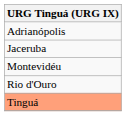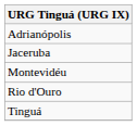 <table class="wikitable" style="margin-bottom: 10px;" border="1">
 <tr>
 <th>URG Tinguá (URG IX)</th>
 </tr>
 <tr>
 <td>Adrianópolis</td>
 </tr>
 <tr>
 <td>Jaceruba</td>
 </tr>
 <tr>
 <td>Montevidéu</td>
 </tr>
 <tr>
 <td>Rio d'Ouro</td>
 </tr>
 <tr>
-<td style="background: lightsalmon;">Tinguá</td>
+<td>Tinguá</td>
 </tr>
 <tr>
 </tr>
 </table>
